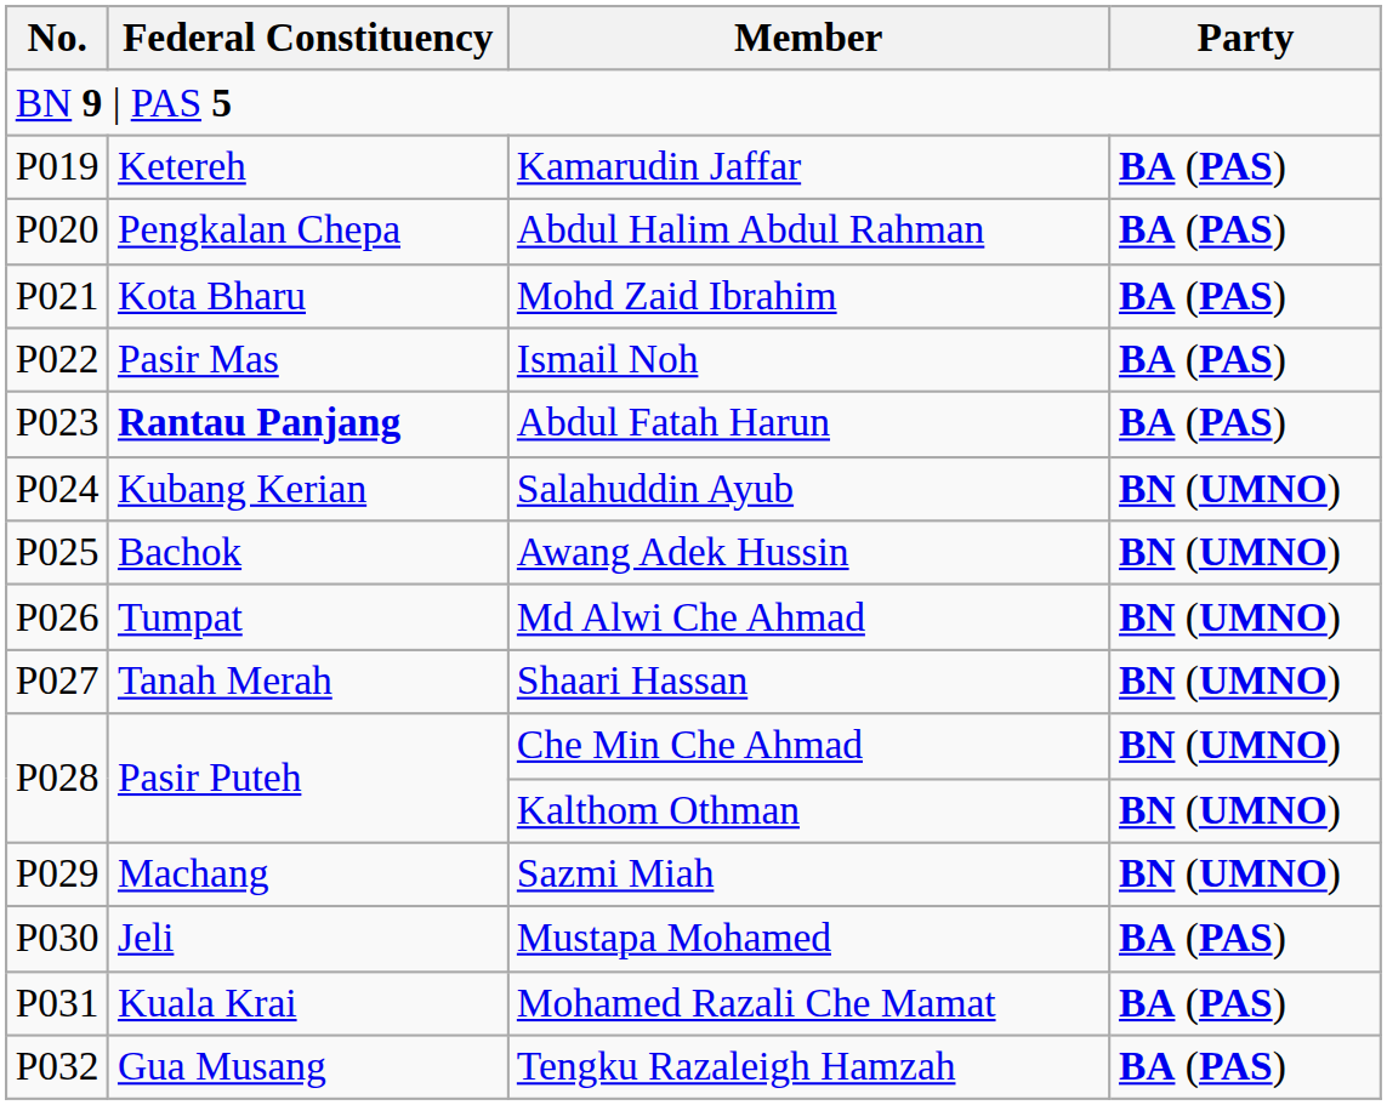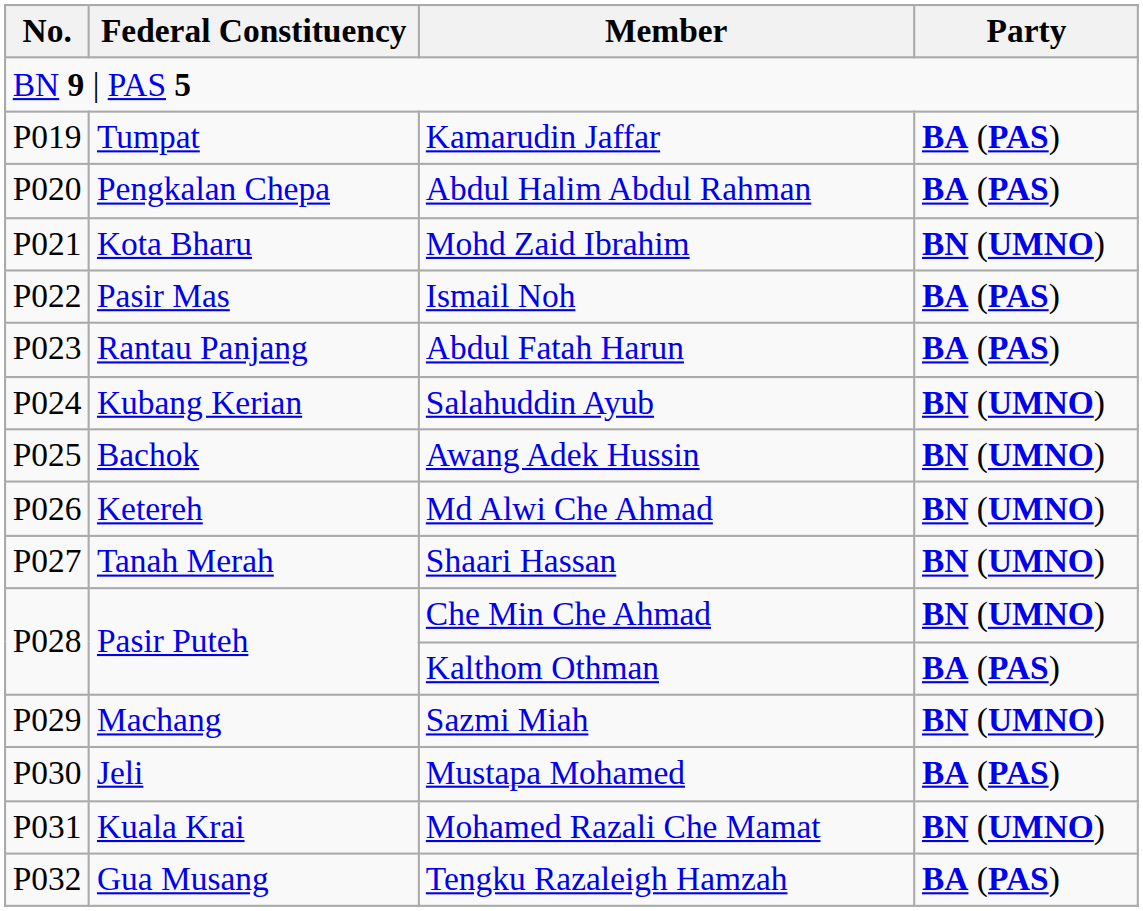 <table class="wikitable sortable">
 <tr>
 <th style="width:30px;">No.</th>
 <th style="width:150px;">Federal Constituency</th>
 <th style="width:230px;">Member</th>
 <th style="width:100px;">Party</th>
 </tr>
 <tr>
 <td colspan="4"><a href='#'>BN</a> <strong>9</strong> | <a href='#'>PAS</a> <strong>5</strong></td>
 </tr>
 <tr>
 <td>P019</td>
-<td><a href='#'>Ketereh</a></td>
+<td><a href='#'>Tumpat</a></td>
 <td><a href='#'>Kamarudin Jaffar</a></td>
 <td><strong><a href='#'>BA</a></strong> (<strong><a href='#'>PAS</a></strong>)</td>
 </tr>
 <tr>
 <td>P020</td>
 <td><a href='#'>Pengkalan Chepa</a></td>
 <td><a href='#'>Abdul Halim Abdul Rahman</a></td>
 <td><strong><a href='#'>BA</a></strong> (<strong><a href='#'>PAS</a></strong>)</td>
 </tr>
 <tr>
 <td>P021</td>
 <td><a href='#'>Kota Bharu</a></td>
 <td><a href='#'>Mohd Zaid Ibrahim</a></td>
-<td><strong><a href='#'>BA</a></strong> (<strong><a href='#'>PAS</a></strong>)</td>
+<td><strong><a href='#'>BN</a></strong> (<strong><a href='#'>UMNO</a></strong>)</td>
 </tr>
 <tr>
 <td>P022</td>
 <td><a href='#'>Pasir Mas</a></td>
 <td><a href='#'>Ismail Noh</a></td>
 <td><strong><a href='#'>BA</a></strong> (<strong><a href='#'>PAS</a></strong>)</td>
 </tr>
 <tr>
 <td>P023</td>
-<td><strong><a href='#'>Rantau Panjang</a></strong></td>
+<td><a href='#'>Rantau Panjang</a></td>
 <td><a href='#'>Abdul Fatah Harun</a></td>
 <td><strong><a href='#'>BA</a></strong> (<strong><a href='#'>PAS</a></strong>)</td>
 </tr>
 <tr>
 <td>P024</td>
 <td><a href='#'>Kubang Kerian</a></td>
 <td><a href='#'>Salahuddin Ayub</a></td>
 <td><strong><a href='#'>BN</a></strong> (<strong><a href='#'>UMNO</a></strong>)</td>
 </tr>
 <tr>
 <td>P025</td>
 <td><a href='#'>Bachok</a></td>
 <td><a href='#'>Awang Adek Hussin</a></td>
 <td><strong><a href='#'>BN</a></strong> (<strong><a href='#'>UMNO</a></strong>)</td>
 </tr>
 <tr>
 <td>P026</td>
-<td><a href='#'>Tumpat</a></td>
+<td><a href='#'>Ketereh</a></td>
 <td><a href='#'>Md Alwi Che Ahmad</a></td>
 <td><strong><a href='#'>BN</a></strong> (<strong><a href='#'>UMNO</a></strong>)</td>
 </tr>
 <tr>
 <td>P027</td>
 <td><a href='#'>Tanah Merah</a></td>
 <td><a href='#'>Shaari Hassan</a></td>
 <td><strong><a href='#'>BN</a></strong> (<strong><a href='#'>UMNO</a></strong>)</td>
 </tr>
 <tr>
 <td rowspan=2>P028</td>
 <td rowspan=2><a href='#'>Pasir Puteh</a></td>
 <td><a href='#'>Che Min Che Ahmad</a> </td>
 <td><strong><a href='#'>BN</a></strong> (<strong><a href='#'>UMNO</a></strong>)</td>
 </tr>
 <tr>
 <td><a href='#'>Kalthom Othman</a> </td>
-<td><strong><a href='#'>BN</a></strong> (<strong><a href='#'>UMNO</a></strong>)</td>
+<td><strong><a href='#'>BA</a></strong> (<strong><a href='#'>PAS</a></strong>)</td>
 </tr>
 <tr>
 <td>P029</td>
 <td><a href='#'>Machang</a></td>
 <td><a href='#'>Sazmi Miah</a></td>
 <td><strong><a href='#'>BN</a></strong> (<strong><a href='#'>UMNO</a></strong>)</td>
 </tr>
 <tr>
 <td>P030</td>
 <td><a href='#'>Jeli</a></td>
 <td><a href='#'>Mustapa Mohamed</a></td>
 <td><strong><a href='#'>BA</a></strong> (<strong><a href='#'>PAS</a></strong>)</td>
 </tr>
 <tr>
 <td>P031</td>
 <td><a href='#'>Kuala Krai</a></td>
 <td><a href='#'>Mohamed Razali Che Mamat</a></td>
-<td><strong><a href='#'>BA</a></strong> (<strong><a href='#'>PAS</a></strong>)</td>
+<td><strong><a href='#'>BN</a></strong> (<strong><a href='#'>UMNO</a></strong>)</td>
 </tr>
 <tr>
 <td>P032</td>
 <td><a href='#'>Gua Musang</a></td>
 <td><a href='#'>Tengku Razaleigh Hamzah</a></td>
 <td><strong><a href='#'>BA</a></strong> (<strong><a href='#'>PAS</a></strong>)</td>
 </tr>
 </table>
